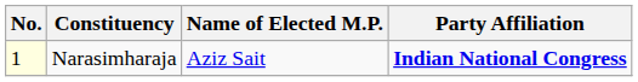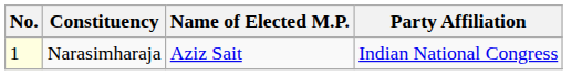 <table class="wikitable" style="font-size:95%;">
 <tr>
 <th>No.</th>
 <th>Constituency</th>
 <th>Name of Elected M.P.</th>
 <th>Party Affiliation</th>
 </tr>
 <tr>
 <td style="background: lightyellow;">1</td>
 <td>Narasimharaja</td>
 <td><a href='#'>Aziz Sait</a></td>
-<td><strong><a href='#'>Indian National Congress</a></strong></td>
+<td><a href='#'>Indian National Congress</a></td>
 </tr>
 <tr>
 </tr>
 </table>
